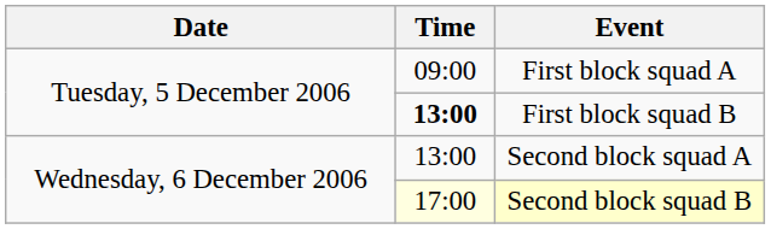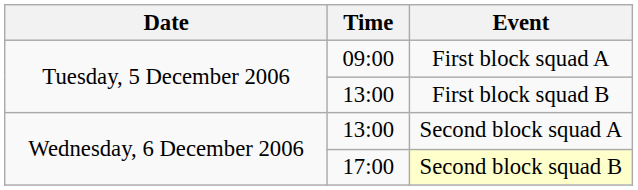 <table class = "wikitable" style="text-align:center;">
 <tr>
 <th width=220>Date</th>
 <th width=50>Time</th>
 <th width=150>Event</th>
 </tr>
 <tr>
 <td rowspan=2>Tuesday, 5 December 2006</td>
 <td>09:00</td>
 <td>First block squad A</td>
 </tr>
 <tr>
-<td><strong>13:00</strong></td>
+<td>13:00</td>
 <td>First block squad B</td>
 </tr>
 <tr>
 <td rowspan=2>Wednesday, 6 December 2006</td>
 <td>13:00</td>
 <td>Second block squad A</td>
 </tr>
 <tr>
-<td style="background: lightyellow;">17:00</td>
+<td>17:00</td>
 <td bgcolor=ffffcc>Second block squad B</td>
 </tr>
 </table>
